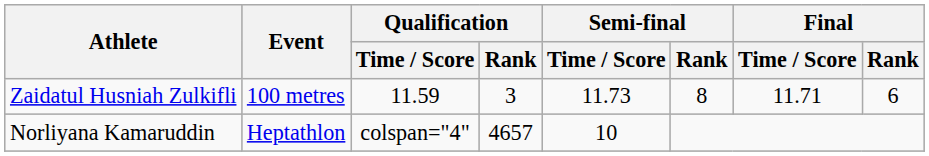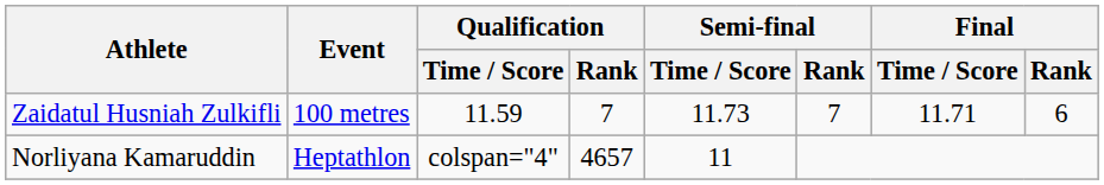 <table class="wikitable" style="font-size:90%;text-align:center">
 <tr>
 <th rowspan="2">Athlete</th>
 <th rowspan="2">Event</th>
 <th colspan="2">Qualification</th>
 <th colspan="2">Semi-final</th>
 <th colspan="2">Final</th>
 </tr>
 <tr>
 <th>Time / Score</th>
 <th>Rank</th>
 <th>Time / Score</th>
 <th>Rank</th>
 <th>Time / Score</th>
 <th>Rank</th>
 </tr>
 <tr>
 <td align="left"><a href='#'>Zaidatul Husniah Zulkifli</a></td>
 <td align="left"><a href='#'>100 metres</a></td>
 <td>11.59</td>
-<td>3 <strong></strong></td>
+<td>7 <strong></strong></td>
 <td>11.73</td>
-<td>8 <strong></strong></td>
+<td>7 <strong></strong></td>
 <td>11.71</td>
 <td>6</td>
 </tr>
 <tr>
 <td align="left">Norliyana Kamaruddin</td>
 <td align="left"><a href='#'>Heptathlon</a></td>
 <td>colspan="4" </td>
 <td>4657</td>
-<td>10</td>
+<td>11</td>
 </tr>
 </table>
